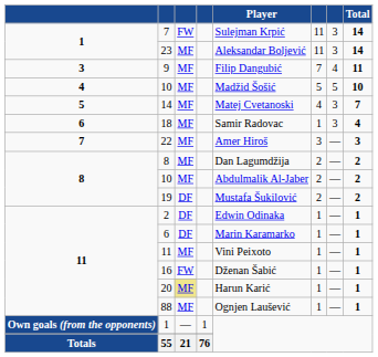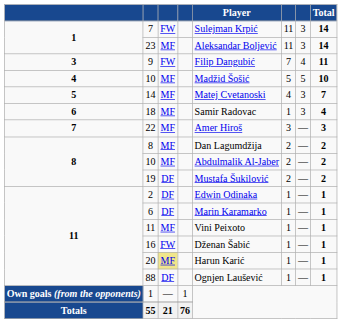 <table class="wikitable sortable" style="font-size: 95%; text-align: center;">
 <tr>
 <th style="background:#18488f; color:#FFFFFF; "></th>
 <th style="background:#18488f; color:#FFFFFF; "></th>
 <th style="background:#18488f; color:#FFFFFF; "></th>
 <th style="background:#18488f; color:#FFFFFF; "></th>
 <th style="background:#18488f; color:#FFFFFF; ">Player</th>
 <th style="background:#18488f; color:#FFFFFF; "></th>
 <th style="background:#18488f; color:#FFFFFF; "></th>
 <th style="background:#18488f; color:#FFFFFF; ">Total</th>
 </tr>
 <tr>
 <td rowspan="2"><strong>1</strong></td>
 <td>7</td>
 <td><a href='#'>FW</a></td>
 <td></td>
 <td align=left><a href='#'>Sulejman Krpić</a></td>
 <td>11</td>
 <td>3</td>
 <td><strong>14</strong></td>
 </tr>
 <tr>
 <td>23</td>
 <td><a href='#'>MF</a></td>
 <td></td>
 <td align=left><a href='#'>Aleksandar Boljević</a></td>
 <td>11</td>
 <td>3</td>
 <td><strong>14</strong></td>
 </tr>
 <tr>
 <td><strong>3</strong></td>
 <td>9</td>
-<td><a href='#'>MF</a></td>
+<td><a href='#'>FW</a></td>
 <td></td>
 <td align=left><a href='#'>Filip Dangubić</a></td>
 <td>7</td>
 <td>4</td>
 <td><strong>11</strong></td>
 </tr>
 <tr>
 <td><strong>4</strong></td>
 <td>10</td>
 <td><a href='#'>MF</a></td>
 <td></td>
 <td align=left><a href='#'>Madžid Šošić</a></td>
 <td>5</td>
 <td>5</td>
 <td><strong>10</strong></td>
 </tr>
 <tr>
 <td><strong>5</strong></td>
 <td>14</td>
 <td><a href='#'>MF</a></td>
 <td></td>
 <td align=left><a href='#'>Matej Cvetanoski</a></td>
 <td>4</td>
 <td>3</td>
 <td><strong>7</strong></td>
 </tr>
 <tr>
 <td><strong>6</strong></td>
 <td>18</td>
 <td><a href='#'>MF</a></td>
 <td></td>
 <td align=left>Samir Radovac</td>
 <td>1</td>
 <td>3</td>
 <td><strong>4</strong></td>
 </tr>
 <tr>
 <td><strong>7</strong></td>
 <td>22</td>
 <td><a href='#'>MF</a></td>
 <td></td>
 <td align=left><a href='#'>Amer Hiroš</a></td>
 <td>3</td>
 <td>—</td>
 <td><strong>3</strong></td>
 </tr>
 <tr>
 <td rowspan="3"><strong>8</strong></td>
 <td>8</td>
 <td><a href='#'>MF</a></td>
 <td></td>
 <td align=left>Dan Lagumdžija</td>
 <td>2</td>
 <td>—</td>
 <td><strong>2</strong></td>
 </tr>
 <tr>
 <td>10</td>
 <td><a href='#'>MF</a></td>
 <td></td>
 <td align=left><a href='#'>Abdulmalik Al-Jaber</a></td>
 <td>2</td>
 <td>—</td>
 <td><strong>2</strong></td>
 </tr>
 <tr>
 <td>19</td>
 <td><a href='#'>DF</a></td>
 <td></td>
 <td align=left><a href='#'>Mustafa Šukilović</a></td>
 <td>2</td>
 <td>—</td>
 <td><strong>2</strong></td>
 </tr>
 <tr>
 <td rowspan="6"><strong>11</strong></td>
 <td>2</td>
 <td><a href='#'>DF</a></td>
 <td></td>
 <td align=left><a href='#'>Edwin Odinaka</a></td>
 <td>1</td>
 <td>—</td>
 <td><strong>1</strong></td>
 </tr>
 <tr>
 <td>6</td>
 <td><a href='#'>DF</a></td>
 <td></td>
 <td align=left><a href='#'>Marin Karamarko</a></td>
 <td>1</td>
 <td>—</td>
 <td><strong>1</strong></td>
 </tr>
 <tr>
 <td>11</td>
 <td><a href='#'>MF</a></td>
 <td></td>
 <td align=left>Vini Peixoto</td>
 <td>1</td>
 <td>—</td>
 <td><strong>1</strong></td>
 </tr>
 <tr>
 <td>16</td>
 <td><a href='#'>FW</a></td>
 <td></td>
 <td align=left>Dženan Šabić</td>
 <td>1</td>
 <td>—</td>
 <td><strong>1</strong></td>
 </tr>
 <tr>
 <td>20</td>
 <td style="background: khaki;"><a href='#'>MF</a></td>
 <td></td>
 <td align=left>Harun Karić</td>
 <td>1</td>
 <td>—</td>
 <td><strong>1</strong></td>
 </tr>
 <tr>
 <td>88</td>
-<td><a href='#'>MF</a></td>
+<td><a href='#'>DF</a></td>
 <td></td>
 <td align=left>Ognjen Laušević</td>
 <td>1</td>
 <td>—</td>
 <td><strong>1</strong></td>
 </tr>
 <tr>
 <th style="background:#18488f; color:#FFFFFF; "><strong>Own goals <em>(from the opponents)<strong><em></th>
 <td>1 </td>
 <td>— </td>
 <td></strong>1<strong> </td>
 </tr>
 <tr>
 </tr>
 <tr>
 <th style="background:#18488f; color:#FFFFFF; "></strong>Totals<strong></th>
 <th>55 </th>
 <th>21 </th>
 <th>76 </th>
 </tr>
 </table>
